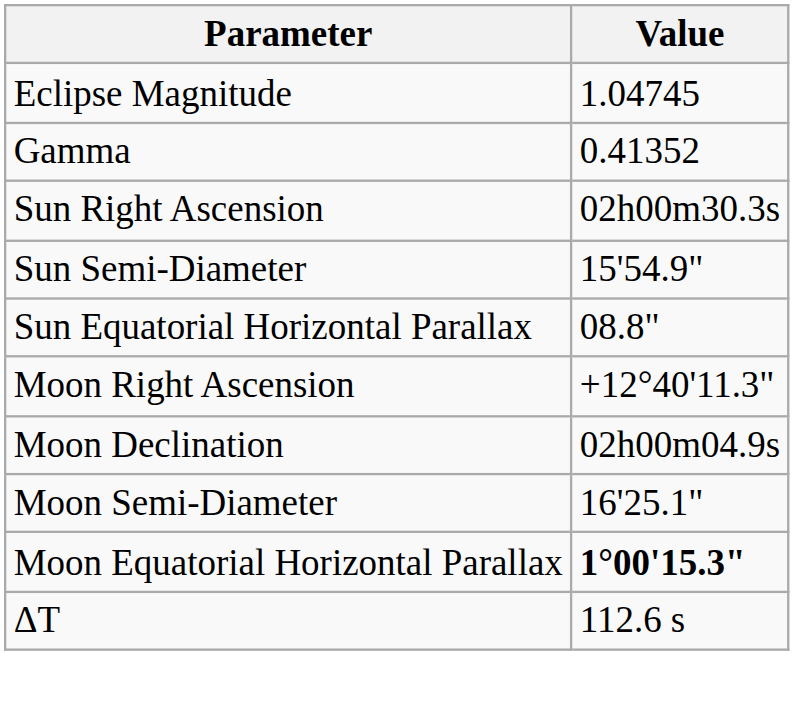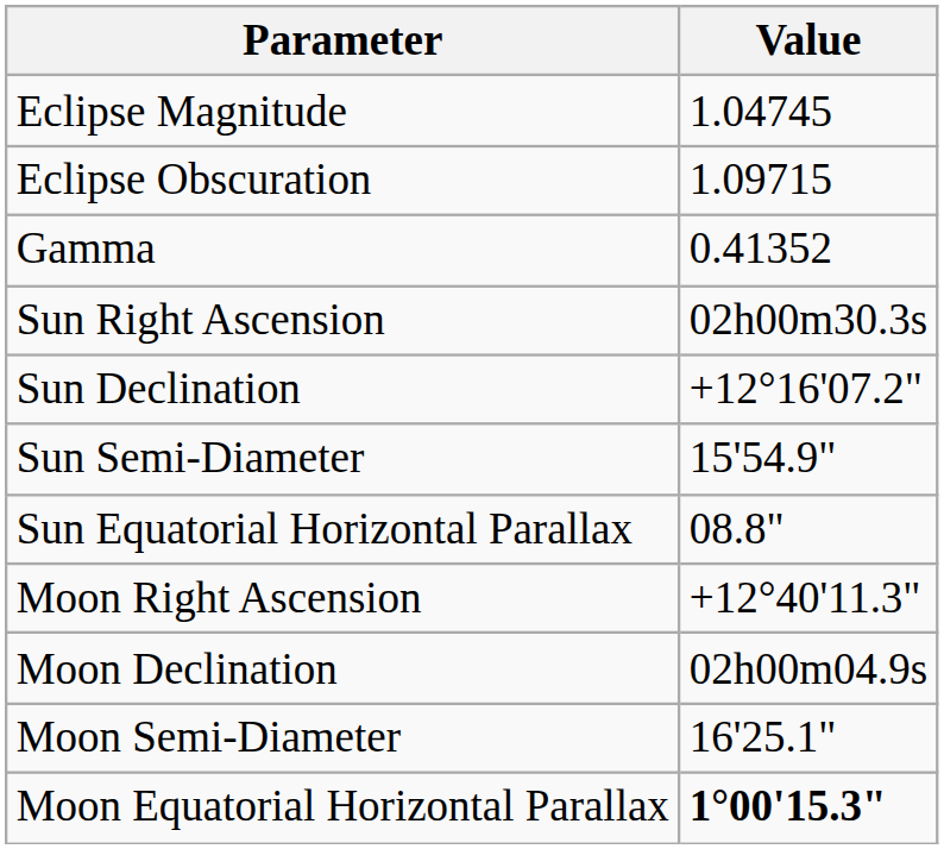 <table class="wikitable">
 <tr>
 <th>Parameter</th>
 <th>Value</th>
 </tr>
 <tr>
 <td>Eclipse Magnitude</td>
 <td>1.04745</td>
 </tr>
 <tr>
+<td>Eclipse Obscuration</td>
+<td>1.09715</td>
+</tr>
+<tr>
 <td>Gamma</td>
 <td>0.41352</td>
 </tr>
 <tr>
 <td>Sun Right Ascension</td>
 <td>02h00m30.3s</td>
+</tr>
+<tr>
+<td>Sun Declination</td>
+<td>+12°16'07.2"</td>
 </tr>
 <tr>
 <td>Sun Semi-Diameter</td>
 <td>15'54.9"</td>
 </tr>
 <tr>
 <td>Sun Equatorial Horizontal Parallax</td>
 <td>08.8"</td>
 </tr>
 <tr>
 <td>Moon Right Ascension</td>
 <td>+12°40'11.3"</td>
 </tr>
 <tr>
 <td>Moon Declination</td>
 <td>02h00m04.9s</td>
 </tr>
 <tr>
 <td>Moon Semi-Diameter</td>
 <td>16'25.1"</td>
 </tr>
 <tr>
 <td>Moon Equatorial Horizontal Parallax</td>
 <td><strong>1°00'15.3"</strong></td>
 </tr>
-<tr>
-<td>ΔT</td>
-<td>112.6 s</td>
-</tr>
 </table>
